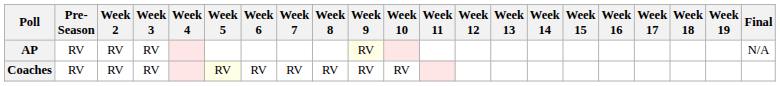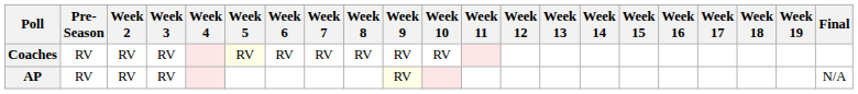 <table class="wikitable" style="white-space:nowrap;font-size:90%">
 <tr>
 <th>Poll</th>
 <th>Pre-<br>Season</th>
 <th>Week<br>2</th>
 <th>Week<br>3</th>
 <th>Week<br>4</th>
 <th>Week<br>5</th>
 <th>Week<br>6</th>
 <th>Week<br>7</th>
 <th>Week<br>8</th>
 <th>Week<br>9</th>
 <th>Week<br>10</th>
 <th>Week<br>11</th>
 <th>Week<br>12</th>
 <th>Week<br>13</th>
 <th>Week<br>14</th>
 <th>Week<br>15</th>
 <th>Week<br>16</th>
 <th>Week<br>17</th>
 <th>Week<br>18</th>
 <th>Week<br>19</th>
 <th>Final</th>
 </tr>
 <tr style="text-align:center;">
+<th>Coaches</th>
+<td style="background:#FFF;">RV</td>
+<td style="background:#FFF;">RV</td>
+<td style="background:#FFF;">RV</td>
+<td style="background:#FFE6E6;"></td>
+<td style="background:#FFFFE6;">RV</td>
+<td style="background:#FFF;">RV</td>
+<td style="background:#FFF;">RV</td>
+<td style="background:#FFF;">RV</td>
+<td style="background:#FFF;">RV</td>
+<td style="background:#FFF;">RV</td>
+<td style="background:#FFE6E6;"></td>
+<td style="background:#FFF;"></td>
+<td style="background:#FFF;"></td>
+<td style="background:#FFF;"></td>
+<td style="background:#FFF;"></td>
+<td style="background:#FFF;"></td>
+<td style="background:#FFF;"></td>
+<td style="background:#FFF;"></td>
+<td style="background:#FFF;"></td>
+<td style="background:#FFF;"></td>
+</tr>
+<tr style="text-align:center;">
 <th>AP</th>
 <td style="background:#FFF;">RV</td>
 <td style="background:#FFF;">RV</td>
 <td style="background:#FFF;">RV</td>
 <td style="background:#FFE6E6;"></td>
 <td style="background:#FFF;"></td>
 <td style="background:#FFF;"></td>
 <td style="background:#FFF;"></td>
 <td style="background:#FFF;"></td>
 <td style="background:#FFFFE6;">RV</td>
 <td style="background:#FFE6E6;"></td>
 <td style="background:#FFF;"></td>
 <td style="background:#FFF;"></td>
 <td style="background:#FFF;"></td>
 <td style="background:#FFF;"></td>
 <td style="background:#FFF;"></td>
 <td style="background:#FFF;"></td>
 <td style="background:#FFF;"></td>
 <td style="background:#FFF;"></td>
 <td style="background:#FFF;"></td>
 <td style="background:#FFF;">N/A</td>
 </tr>
-<tr style="text-align:center;">
-<th>Coaches</th>
-<td style="background:#FFF;">RV</td>
-<td style="background:#FFF;">RV</td>
-<td style="background:#FFF;">RV</td>
-<td style="background:#FFE6E6;"></td>
-<td style="background:#FFFFE6;">RV</td>
-<td style="background:#FFF;">RV</td>
-<td style="background:#FFF;">RV</td>
-<td style="background:#FFF;">RV</td>
-<td style="background:#FFF;">RV</td>
-<td style="background:#FFF;">RV</td>
-<td style="background:#FFE6E6;"></td>
-<td style="background:#FFF;"></td>
-<td style="background:#FFF;"></td>
-<td style="background:#FFF;"></td>
-<td style="background:#FFF;"></td>
-<td style="background:#FFF;"></td>
-<td style="background:#FFF;"></td>
-<td style="background:#FFF;"></td>
-<td style="background:#FFF;"></td>
-<td style="background:#FFF;"></td>
-</tr>
 </table>
